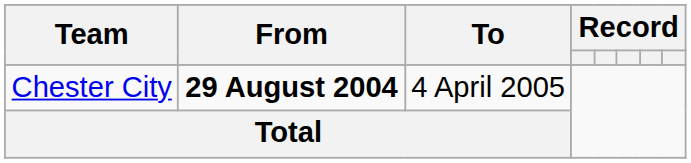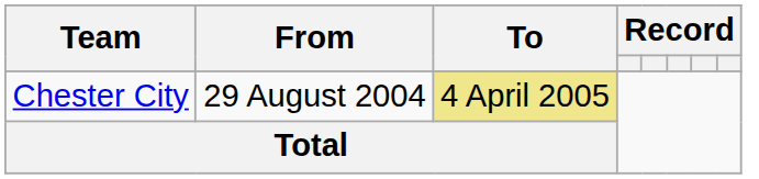 <table class="wikitable" style="text-align: center;">
 <tr>
 <th rowspan="2">Team</th>
 <th rowspan="2">From</th>
 <th rowspan="2">To</th>
 <th colspan="5">Record</th>
 </tr>
 <tr>
 <th></th>
 <th></th>
 <th></th>
 <th></th>
 <th></th>
 </tr>
 <tr>
 <td align="left"><a href='#'>Chester City</a></td>
-<td align="left"><strong>29 August 2004</strong></td>
-<td align="left">4 April 2005<br></td>
+<td align="left">29 August 2004</td>
+<td align="left" style="background: khaki;">4 April 2005<br></td>
 </tr>
 <tr>
 <th colspan="3">Total<br></th>
 </tr>
 </table>
